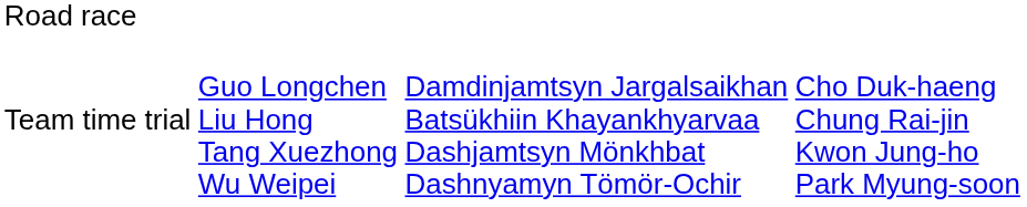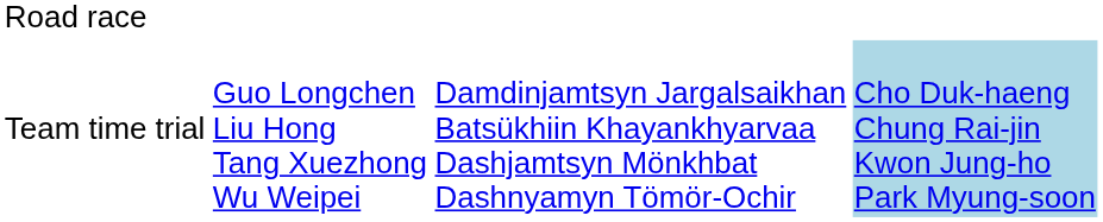 <table>
 <tr>
 <td>Road race</td>
 <td></td>
 <td></td>
 <td></td>
 </tr>
 <tr>
 <td>Team time trial</td>
 <td><br><a href='#'>Guo Longchen</a><br><a href='#'>Liu Hong</a><br><a href='#'>Tang Xuezhong</a><br><a href='#'>Wu Weipei</a></td>
 <td><br><a href='#'>Damdinjamtsyn Jargalsaikhan</a><br><a href='#'>Batsükhiin Khayankhyarvaa</a><br><a href='#'>Dashjamtsyn Mönkhbat</a><br><a href='#'>Dashnyamyn Tömör-Ochir</a></td>
-<td><br><a href='#'>Cho Duk-haeng</a><br><a href='#'>Chung Rai-jin</a><br><a href='#'>Kwon Jung-ho</a><br><a href='#'>Park Myung-soon</a></td>
+<td style="background: lightblue;"><br><a href='#'>Cho Duk-haeng</a><br><a href='#'>Chung Rai-jin</a><br><a href='#'>Kwon Jung-ho</a><br><a href='#'>Park Myung-soon</a></td>
 </tr>
 </table>
